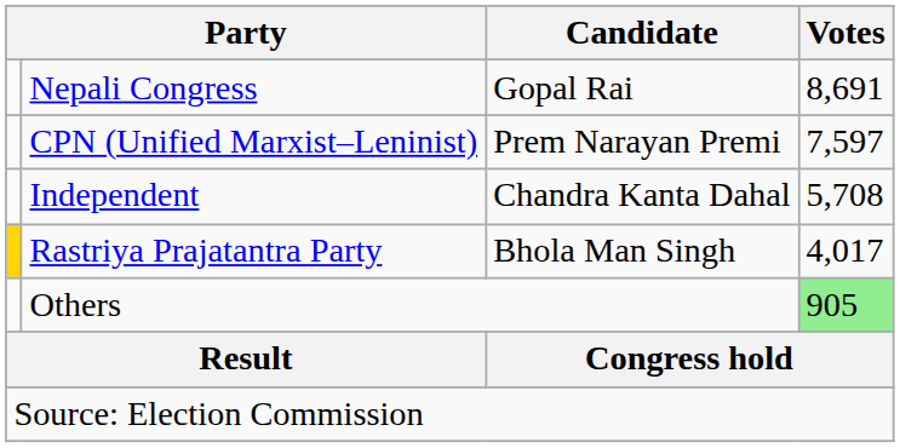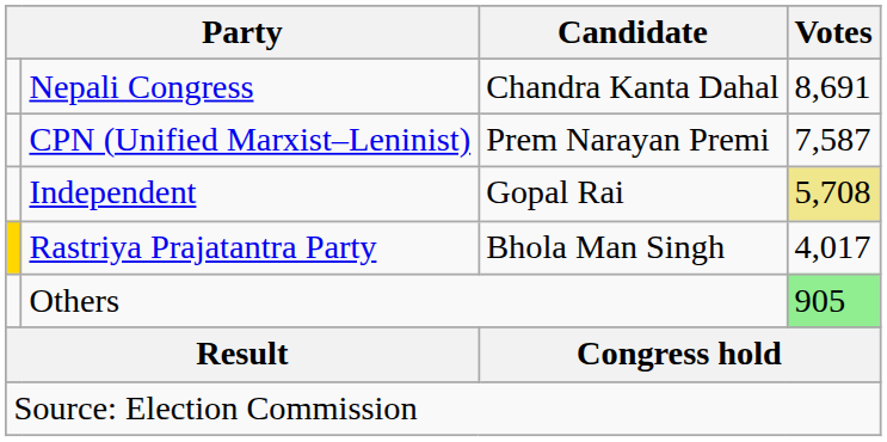 <table class="wikitable">
 <tr>
 <th colspan="2">Party</th>
 <th>Candidate</th>
 <th>Votes</th>
 </tr>
 <tr>
 <td style="background-color:"></td>
 <td><a href='#'>Nepali Congress</a></td>
-<td>Gopal Rai</td>
+<td>Chandra Kanta Dahal</td>
 <td>8,691</td>
 </tr>
 <tr>
 <td style="background-color:"></td>
 <td><a href='#'>CPN (Unified Marxist–Leninist)</a></td>
 <td>Prem Narayan Premi</td>
-<td>7,597</td>
+<td>7,587</td>
 </tr>
 <tr>
 <td style="background-color:"></td>
 <td><a href='#'>Independent</a></td>
-<td>Chandra Kanta Dahal</td>
-<td>5,708</td>
+<td>Gopal Rai</td>
+<td style="background: khaki;">5,708</td>
 </tr>
 <tr>
 <td style="background-color:gold"></td>
 <td><a href='#'>Rastriya Prajatantra Party</a></td>
 <td>Bhola Man Singh</td>
 <td>4,017</td>
 </tr>
 <tr>
 <td></td>
 <td colspan="2">Others</td>
 <td style="background: lightgreen;">905</td>
 </tr>
 <tr>
 <th colspan="2">Result</th>
 <th colspan="2">Congress hold</th>
 </tr>
 <tr>
 <td colspan="4">Source: Election Commission</td>
 </tr>
 </table>
